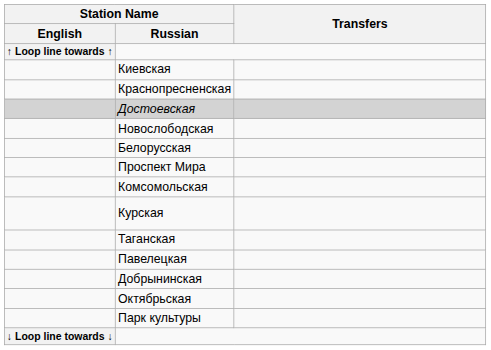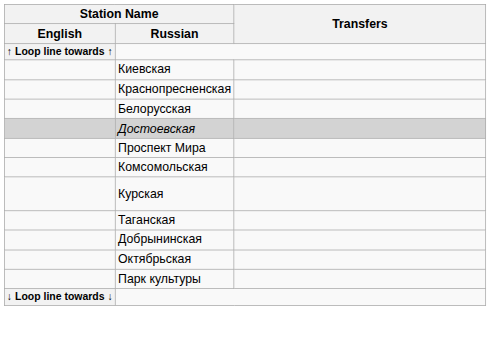 <table class="wikitable">
 <tr>
 <th colspan="2" style="min-width: 165px;">Station Name</th>
 <th rowspan=2 style="min-width: 320px;">Transfers</th>
 </tr>
 <tr>
 <th>English</th>
 <th>Russian</th>
 </tr>
 <tr>
 <th style="font-size:85%; border-top: 4pt #">↑ Loop line towards  ↑</th>
 </tr>
 <tr>
 <td></td>
 <td>Киевская</td>
 <td><br></td>
 </tr>
 <tr>
 <td></td>
 <td>Краснопресненская</td>
 <td></td>
 </tr>
+<tr>
+<td></td>
+<td>Белорусская</td>
+<td><br>  </td>
+</tr>
 <tr bgcolor="lightgrey">
 <td><em></em></td>
 <td><em>Достоевская</em></td>
 <td></td>
-</tr>
-<tr>
-<td></td>
-<td>Новослободская</td>
-<td></td>
-</tr>
-<tr>
-<td></td>
-<td>Белорусская</td>
-<td><br>  </td>
 </tr>
 <tr>
 <td></td>
 <td>Проспект Мира</td>
 <td></td>
 </tr>
 <tr>
 <td></td>
 <td>Комсомольская</td>
 <td><br>  </td>
 </tr>
 <tr>
 <td></td>
 <td>Курская</td>
 <td><br><br>  </td>
 </tr>
 <tr>
 <td></td>
 <td>Таганская</td>
 <td><br></td>
 </tr>
 <tr>
 <td></td>
-<td>Павелецкая</td>
-<td></td>
-</tr>
-<tr>
-<td></td>
 <td>Добрынинская</td>
 <td></td>
 </tr>
 <tr>
 <td></td>
 <td>Октябрьская</td>
 <td></td>
 </tr>
 <tr>
 <td></td>
 <td>Парк культуры</td>
 <td></td>
 </tr>
 <tr>
 <th style="font-size:85%; border-top: 4pt #">↓ Loop line towards  ↓</th>
 </tr>
 </table>
